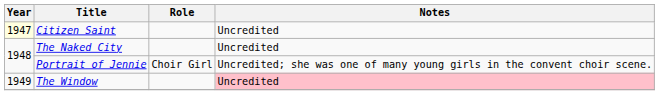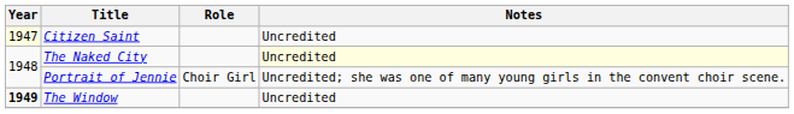 <table class="wikitable sortable plainrowheaders"  style="font-size: 90%">
 <tr>
 <th scope="col">Year</th>
 <th scope="col">Title</th>
 <th scope="col">Role</th>
 <th scope="col">Notes</th>
 </tr>
 <tr>
 <td style="background: lightyellow;">1947</td>
 <td><em><a href='#'>Citizen Saint</a></em></td>
 <td></td>
 <td>Uncredited</td>
 </tr>
 <tr>
 <td rowspan=2>1948</td>
 <td><em><a href='#'>The Naked City</a></em></td>
 <td></td>
-<td>Uncredited</td>
+<td style="background: lightyellow;">Uncredited</td>
 </tr>
 <tr>
 <td><em><a href='#'>Portrait of Jennie</a></em></td>
 <td>Choir Girl</td>
 <td>Uncredited; she was one of many young girls in the convent choir scene.</td>
 </tr>
 <tr>
-<td>1949</td>
+<td><strong>1949</strong></td>
 <td><em><a href='#'>The Window</a></em></td>
 <td></td>
-<td style="background: pink;">Uncredited</td>
+<td>Uncredited</td>
 </tr>
 <tr>
 </tr>
 </table>
